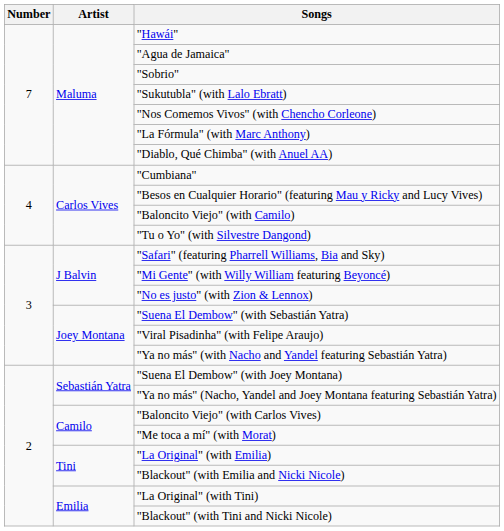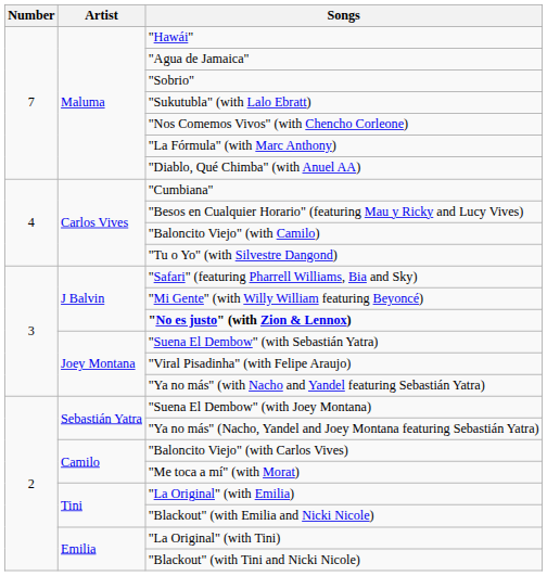 <table class="wikitable plainrowheaders" style="font-size:95%;">
 <tr>
 <th>Number</th>
 <th>Artist</th>
 <th>Songs</th>
 </tr>
 <tr>
 <td rowspan="7" style="text-align:center;">7</td>
 <td rowspan="7"><a href='#'>Maluma</a></td>
 <td>"<a href='#'>Hawái</a>"</td>
 </tr>
 <tr>
 <td>"Agua de Jamaica"</td>
 </tr>
 <tr>
 <td>"Sobrio"</td>
 </tr>
 <tr>
 <td>"Sukutubla" (with <a href='#'>Lalo Ebratt</a>)</td>
 </tr>
 <tr>
 <td>"Nos Comemos Vivos" (with <a href='#'>Chencho Corleone</a>)</td>
 </tr>
 <tr>
 <td>"La Fórmula" (with <a href='#'>Marc Anthony</a>)</td>
 </tr>
 <tr>
 <td>"Diablo, Qué Chimba" (with <a href='#'>Anuel AA</a>)</td>
 </tr>
 <tr>
 <td rowspan="4" style="text-align:center;">4</td>
 <td rowspan="4"><a href='#'>Carlos Vives</a></td>
 <td>"Cumbiana"</td>
 </tr>
 <tr>
 <td>"Besos en Cualquier Horario" (featuring <a href='#'>Mau y Ricky</a> and Lucy Vives)</td>
 </tr>
 <tr>
 <td>"Baloncito Viejo" (with <a href='#'>Camilo</a>)</td>
 </tr>
 <tr>
 <td>"Tu o Yo" (with <a href='#'>Silvestre Dangond</a>)</td>
 </tr>
 <tr>
 <td rowspan="6" style="text-align:center;">3</td>
 <td rowspan="3"><a href='#'>J Balvin</a></td>
 <td>"<a href='#'>Safari</a>" (featuring <a href='#'>Pharrell Williams</a>, <a href='#'>Bia</a> and Sky)</td>
 </tr>
 <tr>
 <td>"<a href='#'>Mi Gente</a>" (with <a href='#'>Willy William</a> featuring <a href='#'>Beyoncé</a>)</td>
 </tr>
 <tr>
-<td>"<a href='#'>No es justo</a>" (with <a href='#'>Zion & Lennox</a>)</td>
+<td><strong>"<a href='#'>No es justo</a>" (with <a href='#'>Zion & Lennox</a>)</strong></td>
 </tr>
 <tr>
 <td rowspan="3"><a href='#'>Joey Montana</a></td>
 <td>"<a href='#'>Suena El Dembow</a>" (with Sebastián Yatra)</td>
 </tr>
 <tr>
 <td>"Viral Pisadinha" (with Felipe Araujo)</td>
 </tr>
 <tr>
 <td>"Ya no más" (with <a href='#'>Nacho</a> and <a href='#'>Yandel</a> featuring Sebastián Yatra)</td>
 </tr>
 <tr>
 <td rowspan="8" style="text-align:center;" style="text-align:center;">2</td>
 <td rowspan="2"><a href='#'>Sebastián Yatra</a></td>
 <td>"Suena El Dembow" (with Joey Montana)</td>
 </tr>
 <tr>
 <td>"Ya no más" (Nacho, Yandel and Joey Montana featuring Sebastián Yatra)</td>
 </tr>
 <tr>
 <td rowspan="2"><a href='#'>Camilo</a></td>
 <td>"Baloncito Viejo" (with Carlos Vives)</td>
 </tr>
 <tr>
 <td>"Me toca a mí" (with <a href='#'>Morat</a>)</td>
 </tr>
 <tr>
 <td rowspan="2"><a href='#'>Tini</a></td>
 <td>"<a href='#'>La Original</a>" (with <a href='#'>Emilia</a>)</td>
 </tr>
 <tr>
 <td>"Blackout" (with Emilia and <a href='#'>Nicki Nicole</a>)</td>
 </tr>
 <tr>
 <td rowspan="2"><a href='#'>Emilia</a></td>
 <td>"La Original" (with Tini)</td>
 </tr>
 <tr>
 <td>"Blackout" (with Tini and Nicki Nicole)</td>
 </tr>
 </table>
